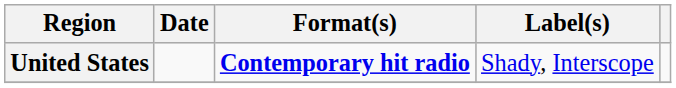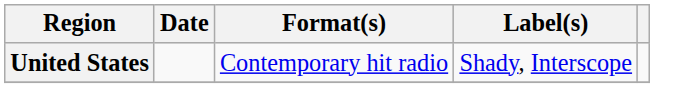 <table class="wikitable plainrowheaders" style="text-align:left">
 <tr>
 <th scope="col">Region</th>
 <th scope="col">Date</th>
 <th scope="col">Format(s)</th>
 <th scope="col">Label(s)</th>
 <th scope="col"></th>
 </tr>
 <tr>
 <th scope="row">United States</th>
 <td></td>
-<td><strong><a href='#'>Contemporary hit radio</a></strong></td>
+<td><a href='#'>Contemporary hit radio</a></td>
 <td><a href='#'>Shady</a>, <a href='#'>Interscope</a></td>
 <td></td>
 </tr>
 <tr>
 </tr>
 </table>
